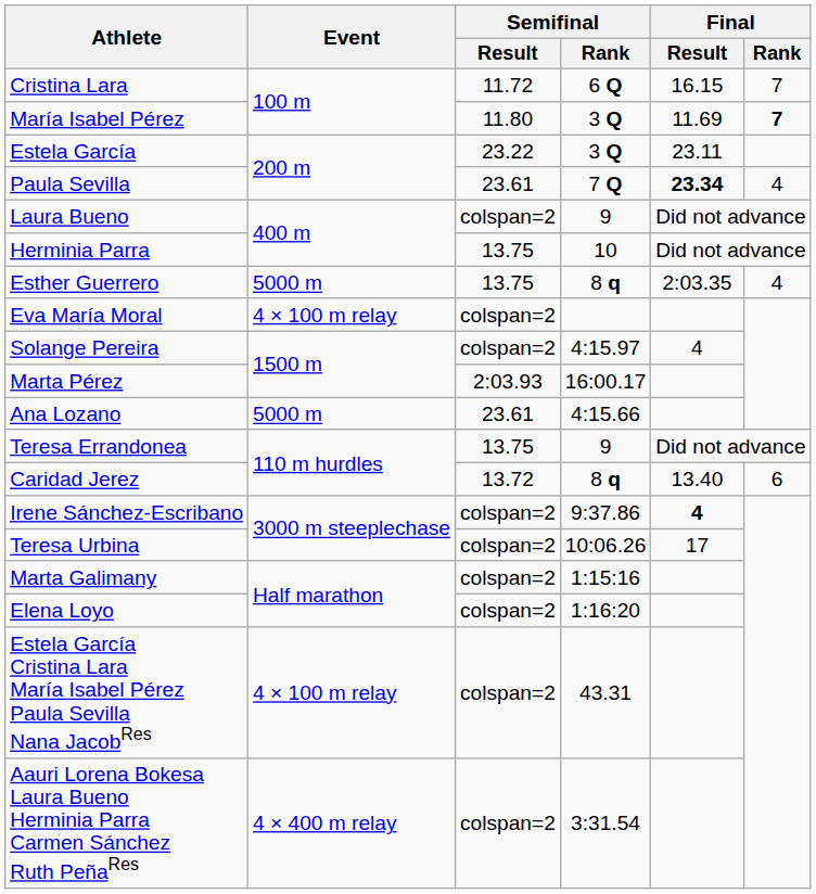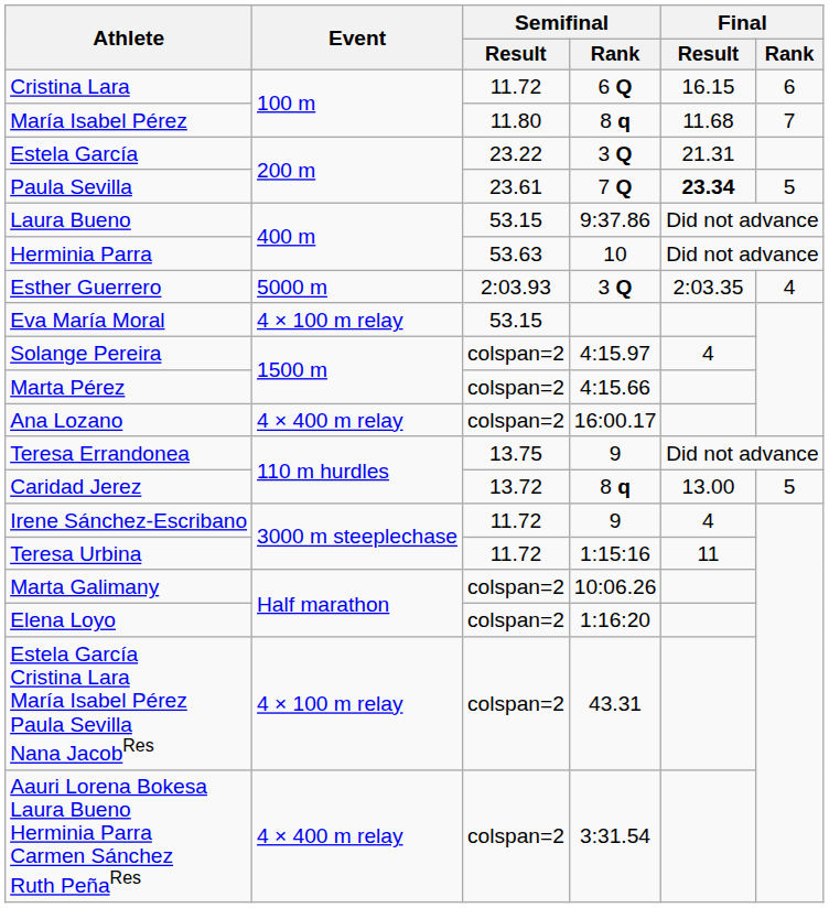 <table class="wikitable" style="font-size:90%">
 <tr>
 <th rowspan="2">Athlete</th>
 <th rowspan="2">Event</th>
 <th colspan="2">Semifinal</th>
 <th colspan="2">Final</th>
 </tr>
 <tr style="font-size:95%">
 <th>Result</th>
 <th>Rank</th>
 <th>Result</th>
 <th>Rank</th>
 </tr>
 <tr align=center>
 <td align=left><a href='#'>Cristina Lara</a></td>
 <td align=left rowspan=2><a href='#'>100 m</a></td>
 <td>11.72</td>
 <td>6 <strong>Q</strong></td>
 <td>16.15</td>
-<td>7</td>
+<td>6</td>
 </tr>
 <tr align=center>
 <td align=left><a href='#'>María Isabel Pérez</a></td>
 <td>11.80</td>
-<td>3 <strong>Q</strong></td>
-<td>11.69</td>
-<td><strong>7</strong></td>
+<td>8 <strong>q</strong></td>
+<td>11.68</td>
+<td>7</td>
 </tr>
 <tr align=center>
 <td align=left><a href='#'>Estela García</a></td>
 <td align=left rowspan=2><a href='#'>200 m</a></td>
 <td>23.22</td>
 <td>3 <strong>Q</strong></td>
-<td>23.11</td>
+<td>21.31</td>
 <td></td>
 </tr>
 <tr align=center>
 <td align=left><a href='#'>Paula Sevilla</a></td>
 <td>23.61</td>
 <td>7 <strong>Q</strong></td>
 <td><strong>23.34</strong></td>
-<td>4</td>
+<td>5</td>
 </tr>
 <tr align=center>
 <td align=left><a href='#'>Laura Bueno</a></td>
 <td align=left rowspan=2><a href='#'>400 m</a></td>
-<td>colspan=2 </td>
-<td>9</td>
+<td>53.15</td>
+<td>9:37.86</td>
 <td colspan=2>Did not advance</td>
 </tr>
 <tr align=center>
 <td align=left><a href='#'>Herminia Parra</a></td>
-<td>13.75</td>
+<td>53.63</td>
 <td>10</td>
 <td colspan=2>Did not advance</td>
 </tr>
 <tr align=center>
 <td align=left><a href='#'>Esther Guerrero</a></td>
 <td align=left><a href='#'>5000 m</a></td>
-<td>13.75</td>
-<td>8 <strong>q</strong></td>
+<td>2:03.93</td>
+<td>3 <strong>Q</strong></td>
 <td>2:03.35</td>
 <td>4</td>
 </tr>
 <tr align=center>
 <td align=left><a href='#'>Eva María Moral</a></td>
 <td align=left><a href='#'>4 × 100 m relay</a></td>
-<td>colspan=2 </td>
+<td>53.15</td>
 <td></td>
 <td></td>
 </tr>
 <tr align=center>
 <td align=left><a href='#'>Solange Pereira</a></td>
 <td align=left rowspan=2><a href='#'>1500 m</a></td>
 <td>colspan=2 </td>
 <td>4:15.97</td>
 <td>4</td>
 </tr>
 <tr align=center>
 <td align=left><a href='#'>Marta Pérez</a></td>
-<td>2:03.93</td>
-<td>16:00.17</td>
+<td>colspan=2 </td>
+<td>4:15.66</td>
 <td></td>
 </tr>
 <tr align=center>
 <td align=left><a href='#'>Ana Lozano</a></td>
-<td align=left><a href='#'>5000 m</a></td>
-<td>23.61</td>
-<td>4:15.66</td>
+<td align=left><a href='#'>4 × 400 m relay</a></td>
+<td>colspan=2 </td>
+<td>16:00.17</td>
 <td></td>
 </tr>
 <tr align=center>
 <td align=left><a href='#'>Teresa Errandonea</a></td>
 <td align=left rowspan=2><a href='#'>110 m hurdles</a></td>
 <td>13.75</td>
 <td>9</td>
 <td colspan=2>Did not advance</td>
 </tr>
 <tr align=center>
 <td align=left><a href='#'>Caridad Jerez</a></td>
 <td>13.72</td>
 <td>8 <strong>q</strong></td>
-<td>13.40</td>
-<td>6</td>
+<td>13.00</td>
+<td>5</td>
 </tr>
 <tr align=center>
 <td align=left><a href='#'>Irene Sánchez-Escribano</a></td>
 <td align=left rowspan=2><a href='#'>3000 m steeplechase</a></td>
-<td>colspan=2 </td>
-<td>9:37.86</td>
-<td><strong>4</strong></td>
+<td>11.72</td>
+<td>9</td>
+<td>4</td>
 </tr>
 <tr align=center>
 <td align=left><a href='#'>Teresa Urbina</a></td>
-<td>colspan=2 </td>
-<td>10:06.26</td>
-<td>17</td>
+<td>11.72</td>
+<td>1:15:16</td>
+<td>11</td>
 </tr>
 <tr align=center>
 <td align=left><a href='#'>Marta Galimany</a></td>
 <td align=left rowspan=2><a href='#'>Half marathon</a></td>
 <td>colspan=2 </td>
-<td>1:15:16</td>
+<td>10:06.26</td>
 <td></td>
 </tr>
 <tr align=center>
 <td align=left><a href='#'>Elena Loyo</a></td>
 <td>colspan=2 </td>
 <td>1:16:20</td>
 <td></td>
 </tr>
 <tr align=center>
 <td align=left><a href='#'>Estela García</a><br><a href='#'>Cristina Lara</a><br><a href='#'>María Isabel Pérez</a><br><a href='#'>Paula Sevilla</a><br><a href='#'>Nana Jacob</a><sup>Res</sup></td>
 <td align=left><a href='#'>4 × 100 m relay</a></td>
 <td>colspan=2 </td>
 <td>43.31</td>
 <td></td>
 </tr>
 <tr align=center>
 <td align=left><a href='#'>Aauri Lorena Bokesa</a><br><a href='#'>Laura Bueno</a><br><a href='#'>Herminia Parra</a><br><a href='#'>Carmen Sánchez</a><br><a href='#'>Ruth Peña</a><sup>Res</sup></td>
 <td align=left><a href='#'>4 × 400 m relay</a></td>
 <td>colspan=2 </td>
 <td>3:31.54</td>
 <td></td>
 </tr>
 </table>
